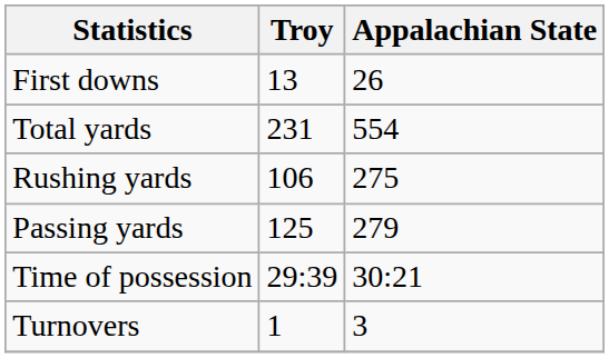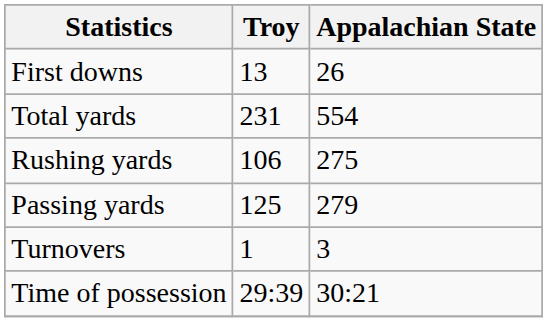 <table class="wikitable">
 <tr>
 <th>Statistics</th>
 <th>Troy</th>
 <th>Appalachian State</th>
 </tr>
 <tr>
 <td>First downs</td>
 <td>13</td>
 <td>26</td>
 </tr>
 <tr>
 <td>Total yards</td>
 <td>231</td>
 <td>554</td>
 </tr>
 <tr>
 <td>Rushing yards</td>
 <td>106</td>
 <td>275</td>
 </tr>
 <tr>
 <td>Passing yards</td>
 <td>125</td>
 <td>279</td>
 </tr>
 <tr>
+<td>Turnovers</td>
+<td>1</td>
+<td>3</td>
+</tr>
+<tr>
 <td>Time of possession</td>
 <td>29:39</td>
 <td>30:21</td>
 </tr>
 <tr>
-<td>Turnovers</td>
-<td>1</td>
-<td>3</td>
-</tr>
-<tr>
 </tr>
 </table>
